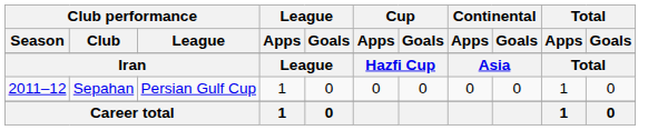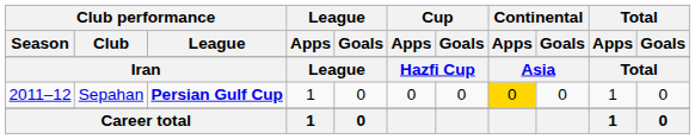 <table class="wikitable" style="text-align:center">
 <tr>
 <th colspan=3>Club performance</th>
 <th colspan=2>League</th>
 <th colspan=2>Cup</th>
 <th colspan=2>Continental</th>
 <th colspan=2>Total</th>
 </tr>
 <tr>
 <th>Season</th>
 <th>Club</th>
 <th>League</th>
 <th>Apps</th>
 <th>Goals</th>
 <th>Apps</th>
 <th>Goals</th>
 <th>Apps</th>
 <th>Goals</th>
 <th>Apps</th>
 <th>Goals</th>
 </tr>
 <tr>
 </tr>
 <tr>
 <th colspan=3>Iran</th>
 <th colspan=2>League</th>
 <th colspan=2><a href='#'>Hazfi Cup</a></th>
 <th colspan=2><a href='#'>Asia</a></th>
 <th colspan=2>Total</th>
 </tr>
 <tr>
 <td><a href='#'>2011–12</a></td>
 <td rowspan="1"><a href='#'>Sepahan</a></td>
-<td rowspan="1"><a href='#'>Persian Gulf Cup</a></td>
+<td rowspan="1"><strong><a href='#'>Persian Gulf Cup</a></strong></td>
 <td>1</td>
 <td>0</td>
 <td>0</td>
 <td>0</td>
-<td>0</td>
+<td style="background: gold;">0</td>
 <td>0</td>
 <td>1</td>
 <td>0</td>
 </tr>
 <tr>
 </tr>
 <tr>
 <th colspan=3>Career total</th>
 <th>1</th>
 <th>0</th>
 <th></th>
 <th></th>
 <th></th>
 <th></th>
 <th>1</th>
 <th>0</th>
 </tr>
 </table>
